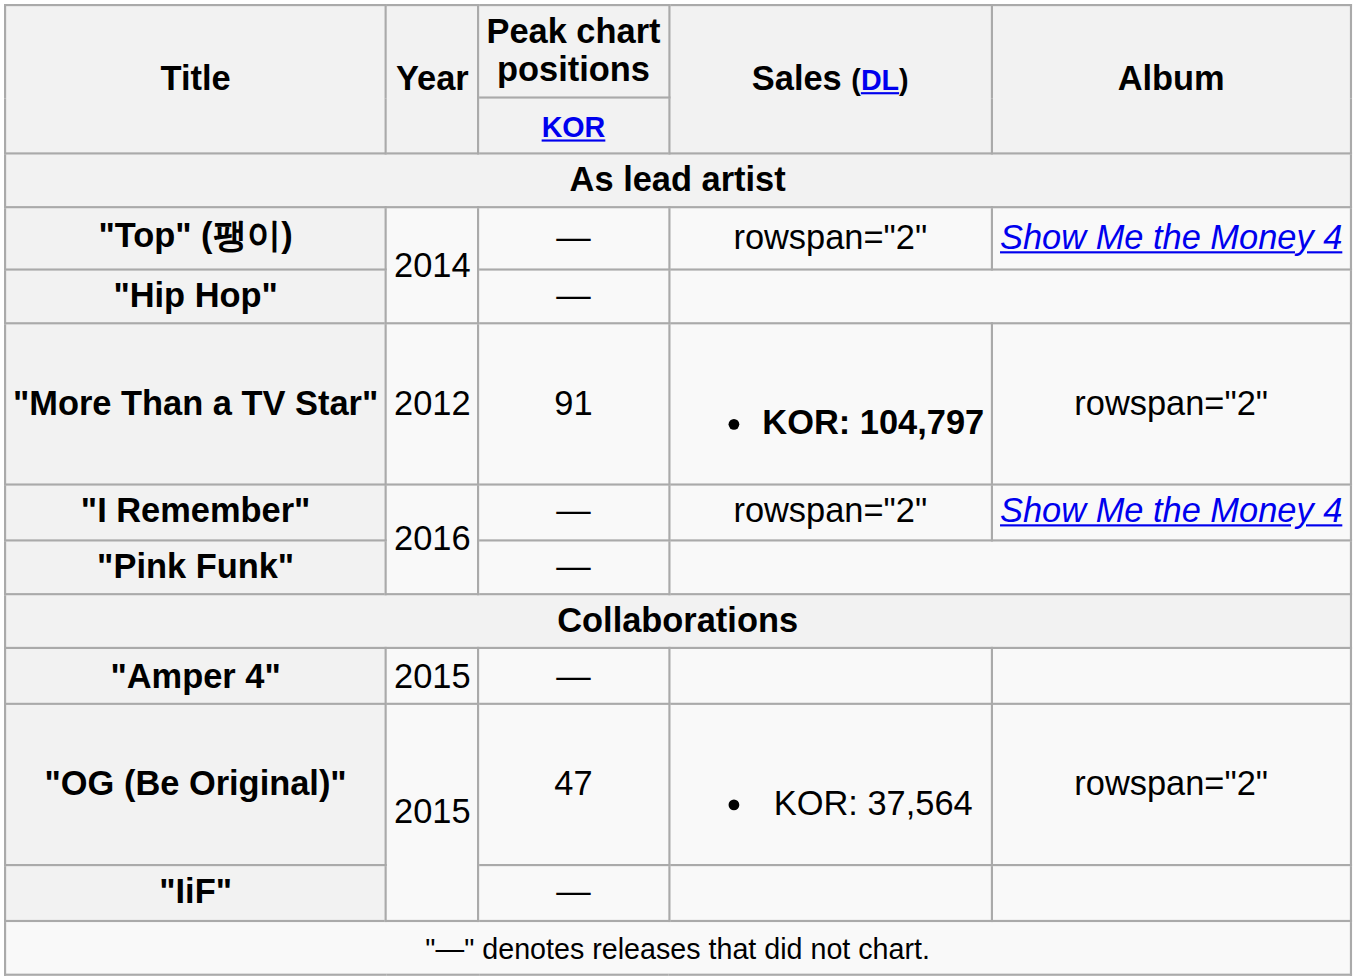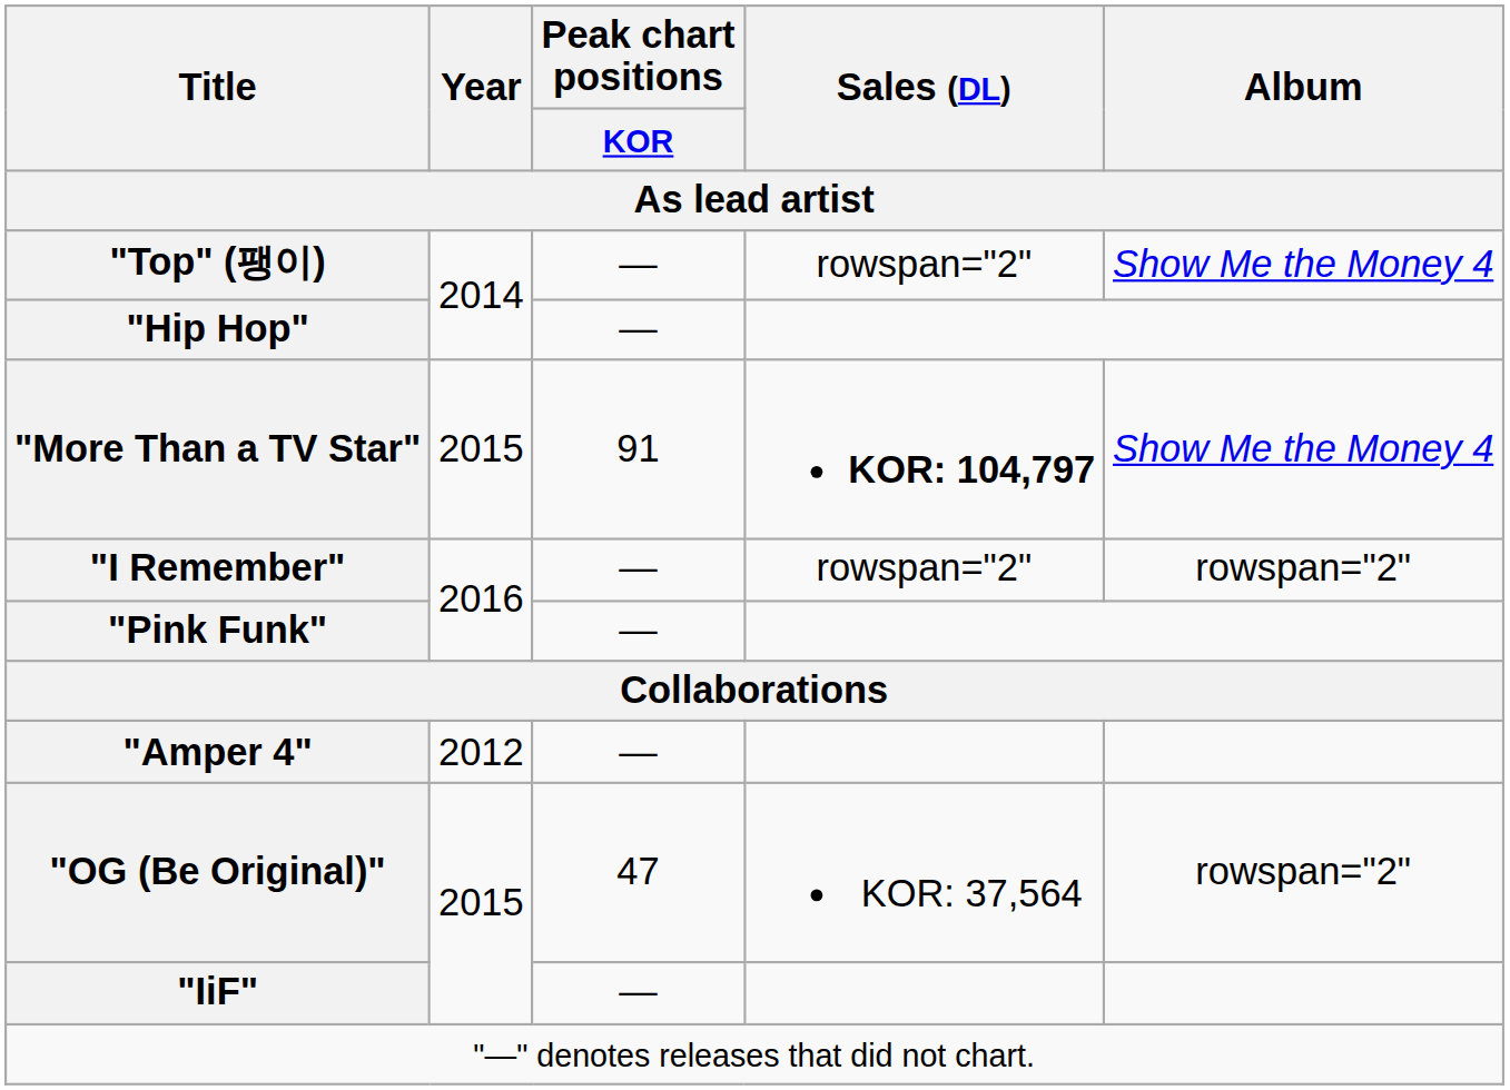 <table class="wikitable plainrowheaders" style="text-align:center;">
 <tr>
 <th scope="col" rowspan="2">Title</th>
 <th scope="col" rowspan="2">Year</th>
 <th scope="col" colspan="1">Peak chart <br> positions</th>
 <th scope="col" rowspan="2">Sales <small>(<a href='#'>DL</a>)</small></th>
 <th scope="col" rowspan="2">Album</th>
 </tr>
 <tr>
 <th><small><a href='#'>KOR</a></small><br></th>
 </tr>
 <tr>
 <th scope="col" colspan="5">As lead artist</th>
 </tr>
 <tr>
 <th scope="row">"Top" (팽이)<br></th>
 <td rowspan="2">2014</td>
 <td>—</td>
 <td>rowspan="2" </td>
 <td><em><a href='#'>Show Me the Money 4</a></em></td>
 </tr>
 <tr>
 <th scope="row">"Hip Hop"<br></th>
 <td>—</td>
 </tr>
 <tr>
 <th scope="row">"More Than a TV Star"<br></th>
-<td>2012</td>
+<td>2015</td>
 <td>91</td>
 <td><strong><br><ul><li>KOR: 104,797</li></ul></strong></td>
-<td>rowspan="2" </td>
+<td><em><a href='#'>Show Me the Money 4</a></em></td>
 </tr>
 <tr>
 <th scope="row">"I Remember"<br></th>
 <td rowspan="2">2016</td>
 <td>—</td>
 <td>rowspan="2" </td>
-<td><em><a href='#'>Show Me the Money 4</a></em></td>
+<td>rowspan="2" </td>
 </tr>
 <tr>
 <th scope="row">"Pink Funk"<br></th>
 <td>—</td>
 </tr>
 <tr>
 <th scope="col" colspan="5">Collaborations</th>
 </tr>
 <tr>
 <th scope="row">"Amper 4"<br></th>
-<td>2015</td>
+<td>2012</td>
 <td>—</td>
 <td></td>
 <td></td>
 </tr>
 <tr>
 <th scope="row">"OG (Be Original)"<br></th>
 <td rowspan="2">2015</td>
 <td>47</td>
 <td><br><ul><li>KOR: 37,564</li></ul></td>
 <td>rowspan="2" </td>
 </tr>
 <tr>
 <th scope="row">"IiF"<br></th>
 <td>—</td>
 <td></td>
 <td></td>
 </tr>
 <tr>
 <td colspan="5" align="center"><small>"—" denotes releases that did not chart.</small></td>
 </tr>
 </table>
